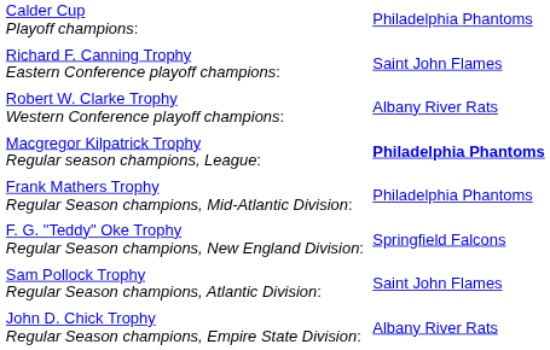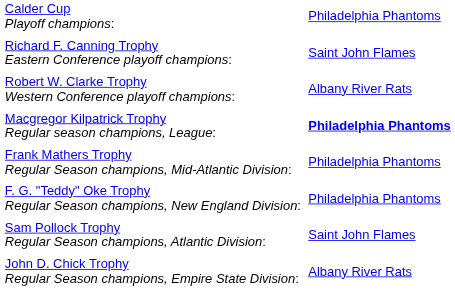 <table cellpadding="3" cellspacing="3">
 <tr>
 <td><a href='#'>Calder Cup</a><br><em>Playoff champions</em>:</td>
 <td><a href='#'>Philadelphia Phantoms</a></td>
 </tr>
 <tr>
 <td><a href='#'>Richard F. Canning Trophy</a><br><em>Eastern Conference playoff champions</em>:</td>
 <td><a href='#'>Saint John Flames</a></td>
 </tr>
 <tr>
 <td><a href='#'>Robert W. Clarke Trophy</a><br><em>Western Conference playoff champions</em>:</td>
 <td><a href='#'>Albany River Rats</a></td>
 </tr>
 <tr>
 <td><a href='#'>Macgregor Kilpatrick Trophy</a><br><em>Regular season champions, League</em>:</td>
 <td><strong><a href='#'>Philadelphia Phantoms</a></strong></td>
 </tr>
 <tr>
 <td><a href='#'>Frank Mathers Trophy</a><br><em>Regular Season champions, Mid-Atlantic Division</em>:</td>
 <td><a href='#'>Philadelphia Phantoms</a></td>
 </tr>
 <tr>
 <td><a href='#'>F. G. "Teddy" Oke Trophy</a><br><em>Regular Season champions, New England Division</em>:</td>
-<td><a href='#'>Springfield Falcons</a></td>
+<td><a href='#'>Philadelphia Phantoms</a></td>
 </tr>
 <tr>
 <td><a href='#'>Sam Pollock Trophy</a><br><em>Regular Season champions, Atlantic Division</em>:</td>
 <td><a href='#'>Saint John Flames</a></td>
 </tr>
 <tr>
 <td><a href='#'>John D. Chick Trophy</a><br><em>Regular Season champions, Empire State Division</em>:</td>
 <td><a href='#'>Albany River Rats</a></td>
 </tr>
 </table>
